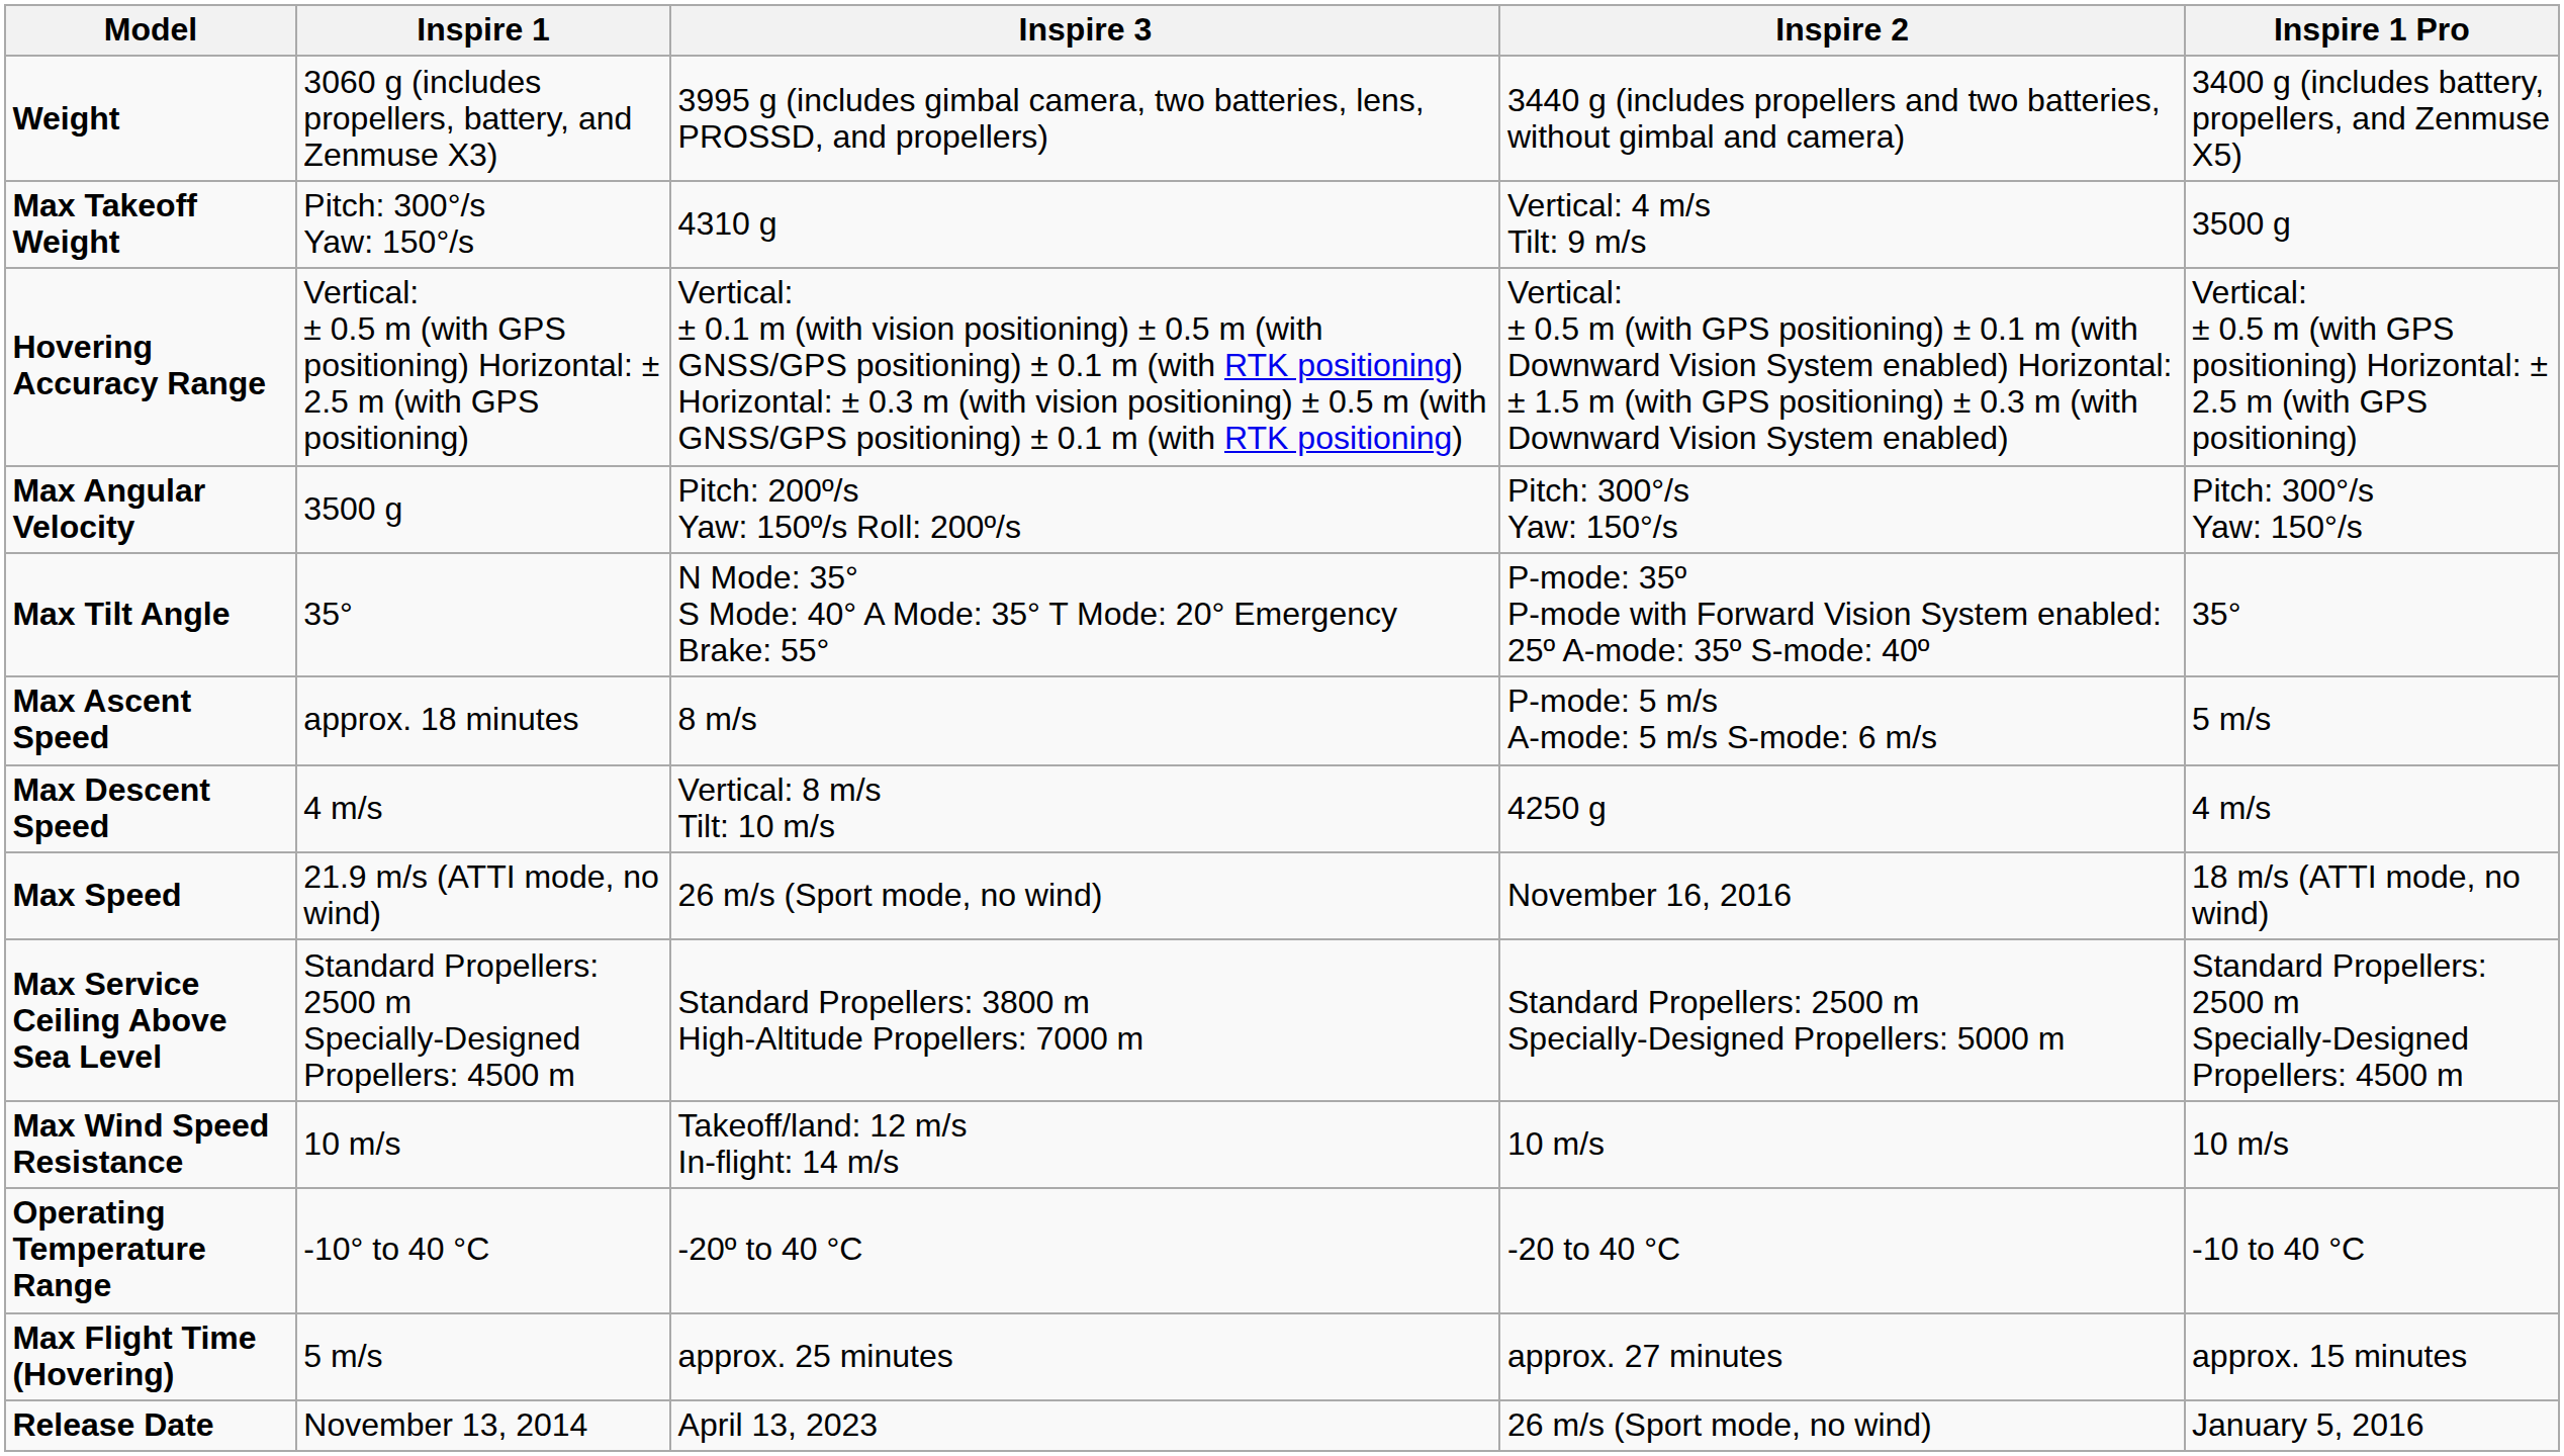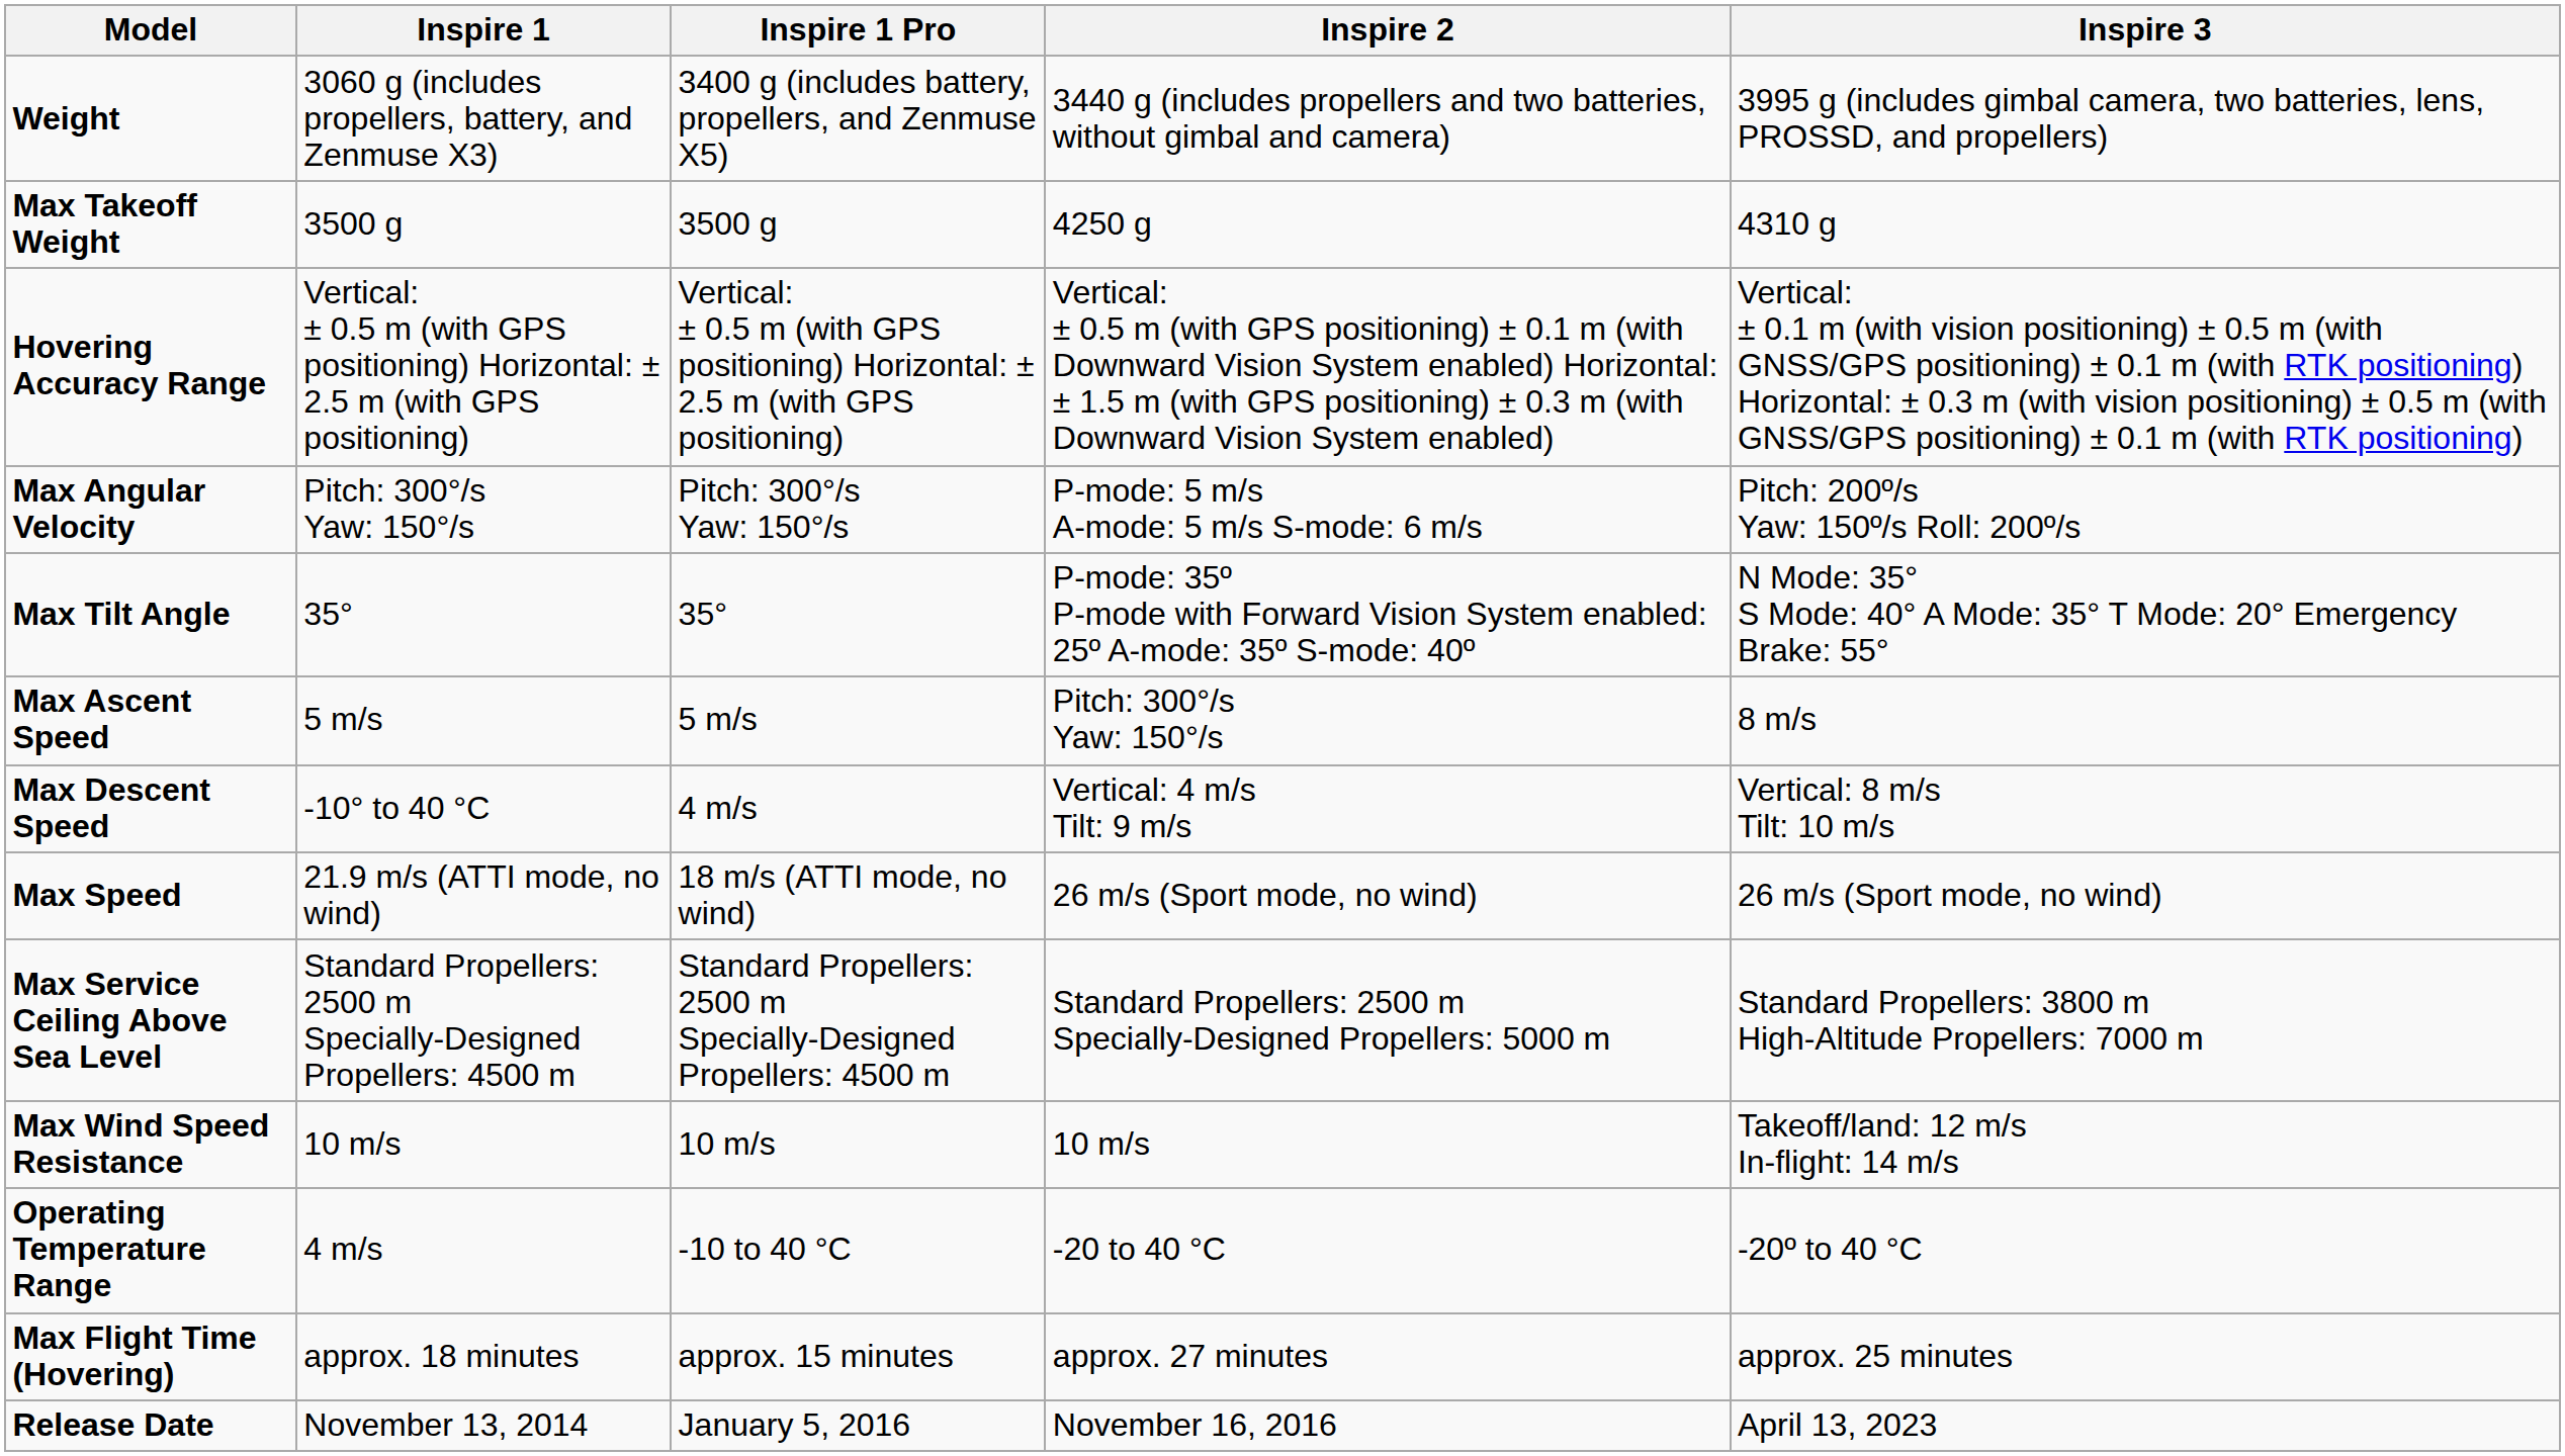 <table class="wikitable sortable" style="width: 100%; margin-right: 0;">
 <tr>
 <th>Model</th>
 <th>Inspire 1</th>
+<th>Inspire 1 Pro</th>
+<th>Inspire 2</th>
 <th>Inspire 3</th>
-<th>Inspire 2</th>
-<th>Inspire 1 Pro</th>
 </tr>
 <tr>
 <td><strong>Weight</strong></td>
 <td>3060 g (includes propellers, battery, and Zenmuse X3)</td>
+<td>3400 g (includes battery, propellers, and Zenmuse X5)</td>
+<td>3440 g (includes propellers and two batteries, without gimbal and camera)</td>
 <td>3995 g (includes gimbal camera, two batteries, lens, PROSSD, and propellers)</td>
-<td>3440 g (includes propellers and two batteries, without gimbal and camera)</td>
-<td>3400 g (includes battery, propellers, and Zenmuse X5)</td>
 </tr>
 <tr>
 <td><strong>Max Takeoff Weight</strong></td>
-<td>Pitch: 300°/s<br>Yaw: 150°/s</td>
+<td>3500 g</td>
+<td>3500 g</td>
+<td>4250 g</td>
 <td>4310 g</td>
-<td>Vertical: 4 m/s<br>Tilt: 9 m/s</td>
-<td>3500 g</td>
 </tr>
 <tr>
 <td><strong>Hovering Accuracy Range</strong></td>
 <td>Vertical:<br>± 0.5 m (with GPS positioning) Horizontal: ± 2.5 m (with GPS positioning)</td>
+<td>Vertical:<br>± 0.5 m (with GPS positioning) Horizontal: ± 2.5 m (with GPS positioning)</td>
+<td>Vertical:<br>± 0.5 m (with GPS positioning) ± 0.1 m (with Downward Vision System enabled) Horizontal: ± 1.5 m (with GPS positioning) ± 0.3 m (with Downward Vision System enabled)</td>
 <td>Vertical:<br>± 0.1 m (with vision positioning) ± 0.5 m (with GNSS/GPS positioning) ± 0.1 m (with <a href='#'>RTK positioning</a>) Horizontal: ± 0.3 m (with vision positioning) ± 0.5 m (with GNSS/GPS positioning) ± 0.1 m (with <a href='#'>RTK positioning</a>)</td>
-<td>Vertical:<br>± 0.5 m (with GPS positioning) ± 0.1 m (with Downward Vision System enabled) Horizontal: ± 1.5 m (with GPS positioning) ± 0.3 m (with Downward Vision System enabled)</td>
-<td>Vertical:<br>± 0.5 m (with GPS positioning) Horizontal: ± 2.5 m (with GPS positioning)</td>
 </tr>
 <tr>
 <td><strong>Max Angular Velocity</strong></td>
-<td>3500 g</td>
-<td>Pitch: 200º/s<br>Yaw: 150º/s Roll: 200º/s</td>
 <td>Pitch: 300°/s<br>Yaw: 150°/s</td>
 <td>Pitch: 300°/s<br>Yaw: 150°/s</td>
+<td>P-mode: 5 m/s<br>A-mode: 5 m/s S-mode: 6 m/s</td>
+<td>Pitch: 200º/s<br>Yaw: 150º/s Roll: 200º/s</td>
 </tr>
 <tr>
 <td><strong>Max Tilt Angle</strong></td>
 <td>35°</td>
+<td>35°</td>
+<td>P-mode: 35º<br>P-mode with Forward Vision System enabled: 25º A-mode: 35º S-mode: 40º</td>
 <td>N Mode: 35°<br>S Mode: 40° A Mode: 35° T Mode: 20° Emergency Brake: 55°</td>
-<td>P-mode: 35º<br>P-mode with Forward Vision System enabled: 25º A-mode: 35º S-mode: 40º</td>
-<td>35°</td>
 </tr>
 <tr>
 <td><strong>Max Ascent Speed</strong></td>
-<td>approx. 18 minutes</td>
+<td>5 m/s</td>
+<td>5 m/s</td>
+<td>Pitch: 300°/s<br>Yaw: 150°/s</td>
 <td>8 m/s</td>
-<td>P-mode: 5 m/s<br>A-mode: 5 m/s S-mode: 6 m/s</td>
-<td>5 m/s</td>
 </tr>
 <tr>
 <td><strong>Max Descent Speed</strong></td>
+<td>-10° to 40 °C</td>
 <td>4 m/s</td>
+<td>Vertical: 4 m/s<br>Tilt: 9 m/s</td>
 <td>Vertical: 8 m/s<br>Tilt: 10 m/s</td>
-<td>4250 g</td>
-<td>4 m/s</td>
 </tr>
 <tr>
 <td><strong>Max Speed</strong></td>
 <td>21.9 m/s (ATTI mode, no wind)</td>
+<td>18 m/s (ATTI mode, no wind)</td>
 <td>26 m/s (Sport mode, no wind)</td>
-<td>November 16, 2016</td>
-<td>18 m/s (ATTI mode, no wind)</td>
+<td>26 m/s (Sport mode, no wind)</td>
 </tr>
 <tr>
 <td><strong>Max Service Ceiling Above Sea Level</strong></td>
 <td>Standard Propellers: 2500 m<br>Specially-Designed Propellers: 4500 m</td>
+<td>Standard Propellers: 2500 m<br>Specially-Designed Propellers: 4500 m</td>
+<td>Standard Propellers: 2500 m<br>Specially-Designed Propellers: 5000 m</td>
 <td>Standard Propellers: 3800 m<br>High-Altitude Propellers: 7000 m</td>
-<td>Standard Propellers: 2500 m<br>Specially-Designed Propellers: 5000 m</td>
-<td>Standard Propellers: 2500 m<br>Specially-Designed Propellers: 4500 m</td>
 </tr>
 <tr>
 <td><strong>Max Wind Speed Resistance</strong></td>
 <td>10 m/s</td>
-<td>Takeoff/land: 12 m/s<br>In-flight: 14 m/s</td>
 <td>10 m/s</td>
 <td>10 m/s</td>
+<td>Takeoff/land: 12 m/s<br>In-flight: 14 m/s</td>
 </tr>
 <tr>
 <td><strong>Operating Temperature Range</strong></td>
-<td>-10° to 40 °C</td>
+<td>4 m/s</td>
+<td>-10 to 40 °C</td>
+<td>-20 to 40 °C</td>
 <td>-20º to 40 °C</td>
-<td>-20 to 40 °C</td>
-<td>-10 to 40 °C</td>
 </tr>
 <tr>
 <td><strong>Max Flight Time (Hovering)</strong></td>
-<td>5 m/s</td>
+<td>approx. 18 minutes</td>
+<td>approx. 15 minutes</td>
+<td>approx. 27 minutes</td>
 <td>approx. 25 minutes</td>
-<td>approx. 27 minutes</td>
-<td>approx. 15 minutes</td>
 </tr>
 <tr>
 <td><strong>Release Date</strong></td>
 <td>November 13, 2014</td>
+<td>January 5, 2016</td>
+<td>November 16, 2016</td>
 <td>April 13, 2023</td>
-<td>26 m/s (Sport mode, no wind)</td>
-<td>January 5, 2016</td>
 </tr>
 </table>
